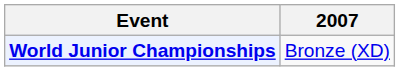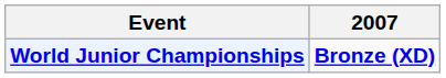 <table class="wikitable" style="font-size: 90%; text-align:center">
 <tr>
 <th>Event</th>
 <th>2007</th>
 </tr>
 <tr>
 <td bgcolor="#ECF2FF"; align="left"><strong><a href='#'>World Junior Championships</a></strong></td>
-<td> <a href='#'>Bronze (XD)</a></td>
+<td><strong> <a href='#'>Bronze (XD)</a></strong></td>
 </tr>
 </table>
